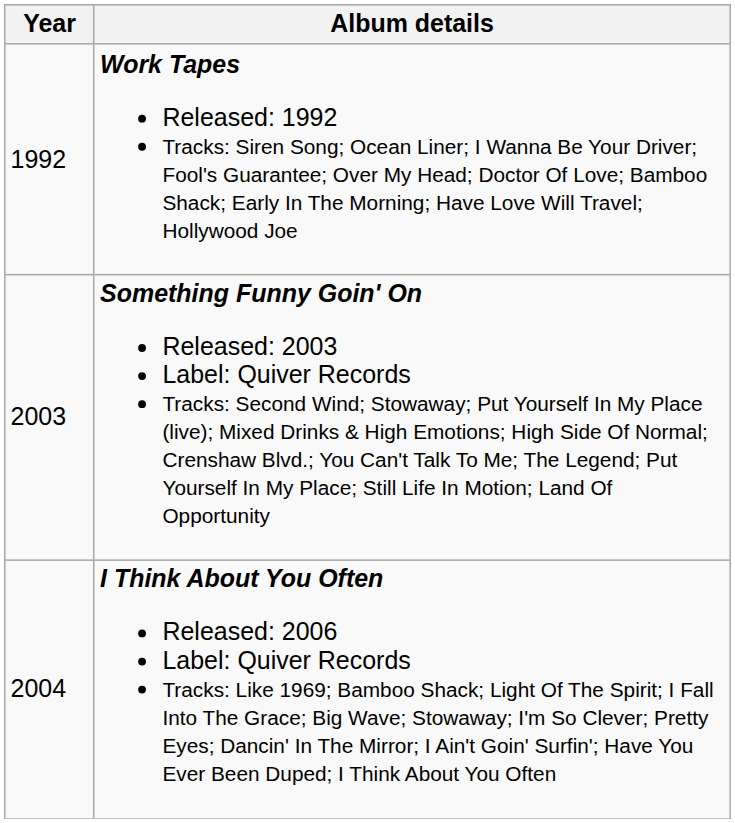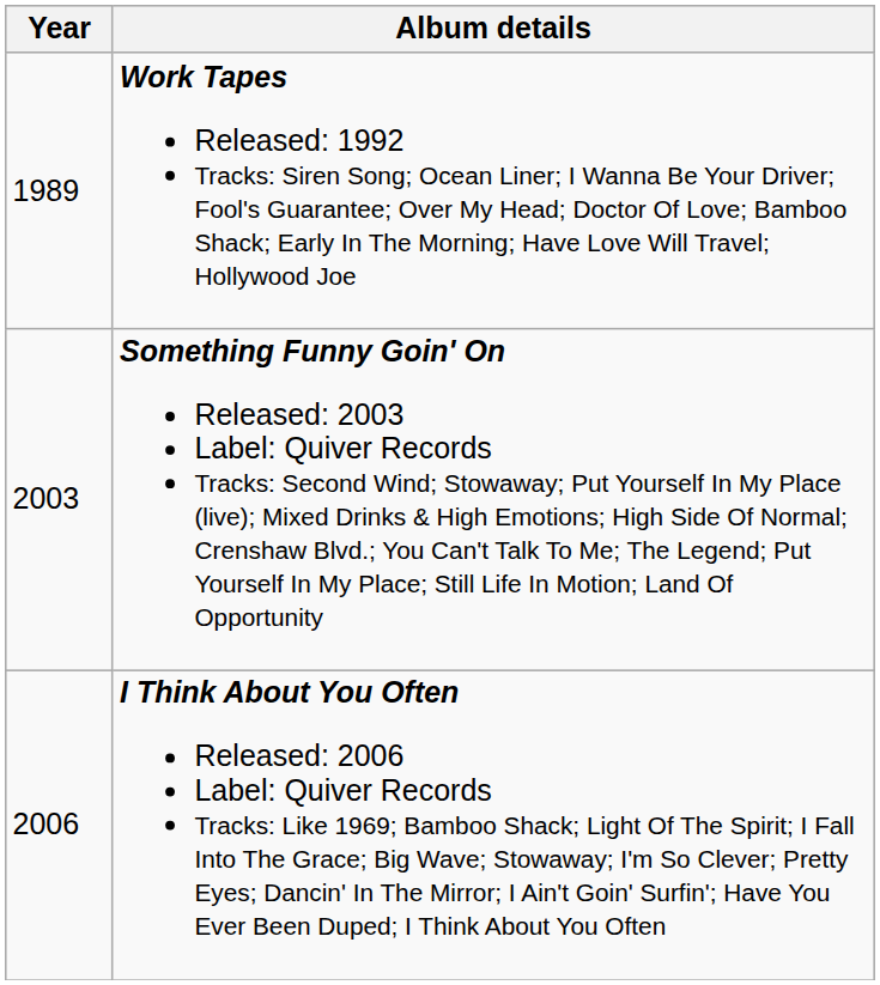 <table class="wikitable">
 <tr>
 <th style="width:50px;">Year</th>
 <th style="width:400px;">Album details</th>
 </tr>
 <tr>
-<td>1992</td>
+<td>1989</td>
 <td style="text-align:left;"><strong><em>Work Tapes</em></strong><br><ul><li>Released: 1992</li><li><small>Tracks: Siren Song; Ocean Liner; I Wanna Be Your Driver; Fool's Guarantee; Over My Head; Doctor Of Love; Bamboo Shack; Early In The Morning; Have Love Will Travel; Hollywood Joe</small></li></ul></td>
 </tr>
 <tr>
 <td>2003</td>
 <td style="text-align:left;"><strong><em>Something Funny Goin' On</em></strong><br><ul><li>Released: 2003</li><li>Label: Quiver Records</li><li><small>Tracks: Second Wind; Stowaway; Put Yourself In My Place (live); Mixed Drinks & High Emotions; High Side Of Normal; Crenshaw Blvd.; You Can't Talk To Me; The Legend; Put Yourself In My Place; Still Life In Motion; Land Of Opportunity</small></li></ul></td>
 </tr>
 <tr>
-<td>2004</td>
+<td>2006</td>
 <td style="text-align:left;"><strong><em>I Think About You Often</em></strong><br><ul><li>Released: 2006</li><li>Label: Quiver Records</li><li><small>Tracks: Like 1969; Bamboo Shack; Light Of The Spirit; I Fall Into The Grace; Big Wave; Stowaway; I'm So Clever; Pretty Eyes; Dancin' In The Mirror; I Ain't Goin' Surfin'; Have You Ever Been Duped; I Think About You Often</small></li></ul></td>
 </tr>
 </table>
